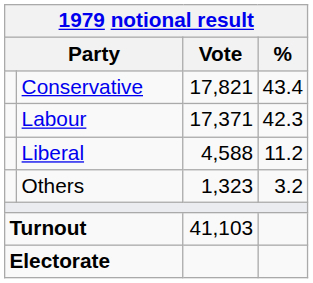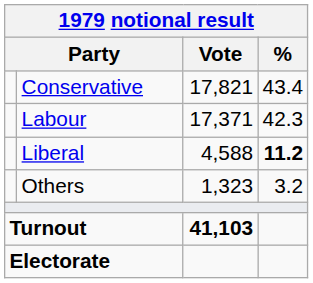 <table class="wikitable">
 <tr>
 <th colspan="4"><a href='#'>1979</a> <a href='#'>notional result</a></th>
 </tr>
 <tr>
 <th bgcolor="#DDDDFF" width="130px" colspan="2">Party</th>
 <th bgcolor="#DDDDFF" width="50px">Vote</th>
 <th bgcolor="#DDDDFF" width="30px">%</th>
 </tr>
 <tr>
 <td></td>
 <td><a href='#'>Conservative</a></td>
 <td align=right>17,821</td>
 <td align=right>43.4</td>
 </tr>
 <tr>
 <td></td>
 <td><a href='#'>Labour</a></td>
 <td align=right>17,371</td>
 <td align=right>42.3</td>
 </tr>
 <tr>
 <td></td>
 <td><a href='#'>Liberal</a></td>
 <td align=right>4,588</td>
-<td align=right>11.2</td>
+<td align=right><strong>11.2</strong></td>
 </tr>
 <tr>
 <td></td>
 <td>Others</td>
 <td align=right>1,323</td>
 <td align=right>3.2</td>
 </tr>
 <tr>
 <td colspan="4" bgcolor="#EAECF0"></td>
 </tr>
 <tr>
 <td colspan="2"><strong>Turnout</strong></td>
-<td align=right>41,103</td>
+<td align=right><strong>41,103</strong></td>
 <td align=right></td>
 </tr>
 <tr>
 <td colspan="2"><strong>Electorate</strong></td>
 <td align=right></td>
 </tr>
 </table>
